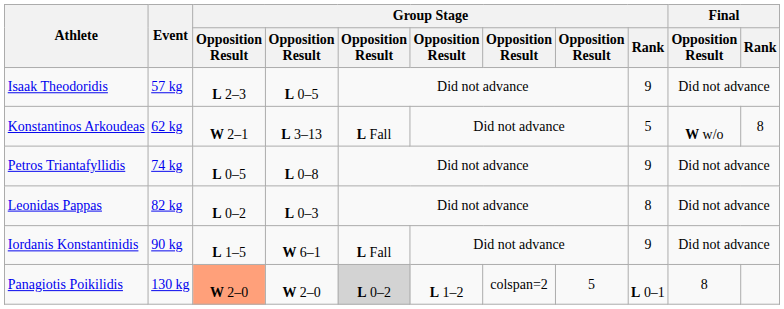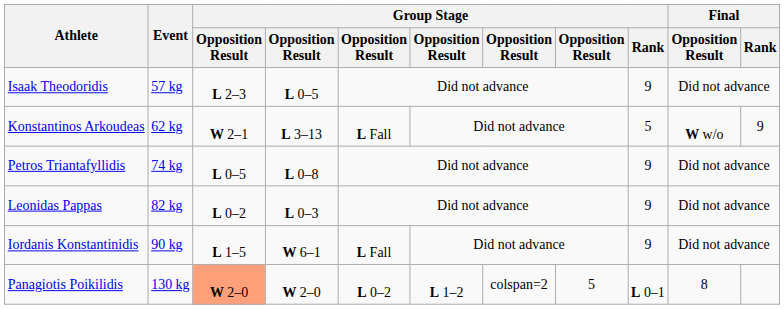 <table class=wikitable style="font-size:90%">
 <tr>
 <th rowspan="2">Athlete</th>
 <th rowspan="2">Event</th>
 <th colspan="7">Group Stage</th>
 <th colspan=2>Final</th>
 </tr>
 <tr>
 <th>Opposition<br>Result</th>
 <th>Opposition<br>Result</th>
 <th>Opposition<br>Result</th>
 <th>Opposition<br>Result</th>
 <th>Opposition<br>Result</th>
 <th>Opposition<br>Result</th>
 <th>Rank</th>
 <th>Opposition<br>Result</th>
 <th>Rank</th>
 </tr>
 <tr align=center>
 <td align=left><a href='#'>Isaak Theodoridis</a></td>
 <td align=left><a href='#'>57 kg</a></td>
 <td><br><strong>L</strong> 2–3</td>
 <td><br><strong>L</strong> 0–5</td>
 <td colspan=4>Did not advance</td>
 <td>9</td>
 <td colspan=2>Did not advance</td>
 </tr>
 <tr align=center>
 <td align=left><a href='#'>Konstantinos Arkoudeas</a></td>
 <td align=left><a href='#'>62 kg</a></td>
 <td><br><strong>W</strong> 2–1</td>
 <td><br><strong>L</strong> 3–13</td>
 <td><br><strong>L</strong> Fall</td>
 <td colspan=3>Did not advance</td>
 <td>5</td>
 <td><br><strong>W</strong> w/o</td>
-<td>8</td>
+<td>9</td>
 </tr>
 <tr align=center>
 <td align=left><a href='#'>Petros Triantafyllidis</a></td>
 <td align=left><a href='#'>74 kg</a></td>
 <td><br><strong>L</strong> 0–5</td>
 <td><br><strong>L</strong> 0–8</td>
 <td colspan=4>Did not advance</td>
 <td>9</td>
 <td colspan=2>Did not advance</td>
 </tr>
 <tr align=center>
 <td align=left><a href='#'>Leonidas Pappas</a></td>
 <td align=left><a href='#'>82 kg</a></td>
 <td><br><strong>L</strong> 0–2</td>
 <td><br><strong>L</strong> 0–3</td>
 <td colspan=4>Did not advance</td>
-<td>8</td>
+<td>9</td>
 <td colspan=2>Did not advance</td>
 </tr>
 <tr align=center>
 <td align=left><a href='#'>Iordanis Konstantinidis</a></td>
 <td align=left><a href='#'>90 kg</a></td>
 <td><br><strong>L</strong> 1–5</td>
 <td><br><strong>W</strong> 6–1</td>
 <td><br><strong>L</strong> Fall</td>
 <td colspan=3>Did not advance</td>
 <td>9</td>
 <td colspan=2>Did not advance</td>
 </tr>
 <tr align=center>
 <td align=left><a href='#'>Panagiotis Poikilidis</a></td>
 <td align=left><a href='#'>130 kg</a></td>
 <td style="background: lightsalmon;"><br><strong>W</strong> 2–0</td>
 <td><br><strong>W</strong> 2–0</td>
-<td style="background: lightgrey;"><br><strong>L</strong> 0–2</td>
+<td><br><strong>L</strong> 0–2</td>
 <td><br><strong>L</strong> 1–2</td>
 <td>colspan=2</td>
 <td>5</td>
 <td><br><strong>L</strong> 0–1</td>
 <td>8</td>
 </tr>
 </table>
